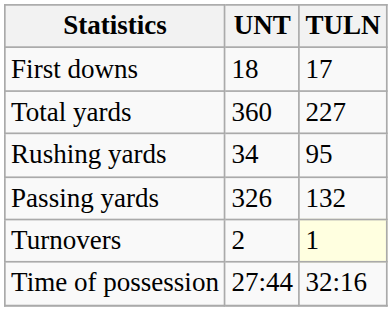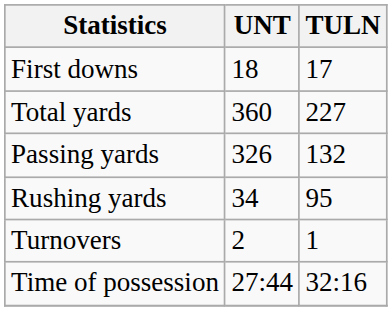 <table class="wikitable" style="float: left;">
 <tr>
 <th>Statistics</th>
 <th>UNT</th>
 <th>TULN</th>
 </tr>
 <tr>
 <td>First downs</td>
 <td>18</td>
 <td>17</td>
 </tr>
 <tr>
 <td>Total yards</td>
 <td>360</td>
 <td>227</td>
 </tr>
 <tr>
+<td>Passing yards</td>
+<td>326</td>
+<td>132</td>
+</tr>
+<tr>
 <td>Rushing yards</td>
 <td>34</td>
 <td>95</td>
 </tr>
 <tr>
-<td>Passing yards</td>
-<td>326</td>
-<td>132</td>
-</tr>
-<tr>
 <td>Turnovers</td>
 <td>2</td>
-<td style="background: lightyellow;">1</td>
+<td>1</td>
 </tr>
 <tr>
 <td>Time of possession</td>
 <td>27:44</td>
 <td>32:16</td>
 </tr>
 <tr>
 </tr>
 </table>
